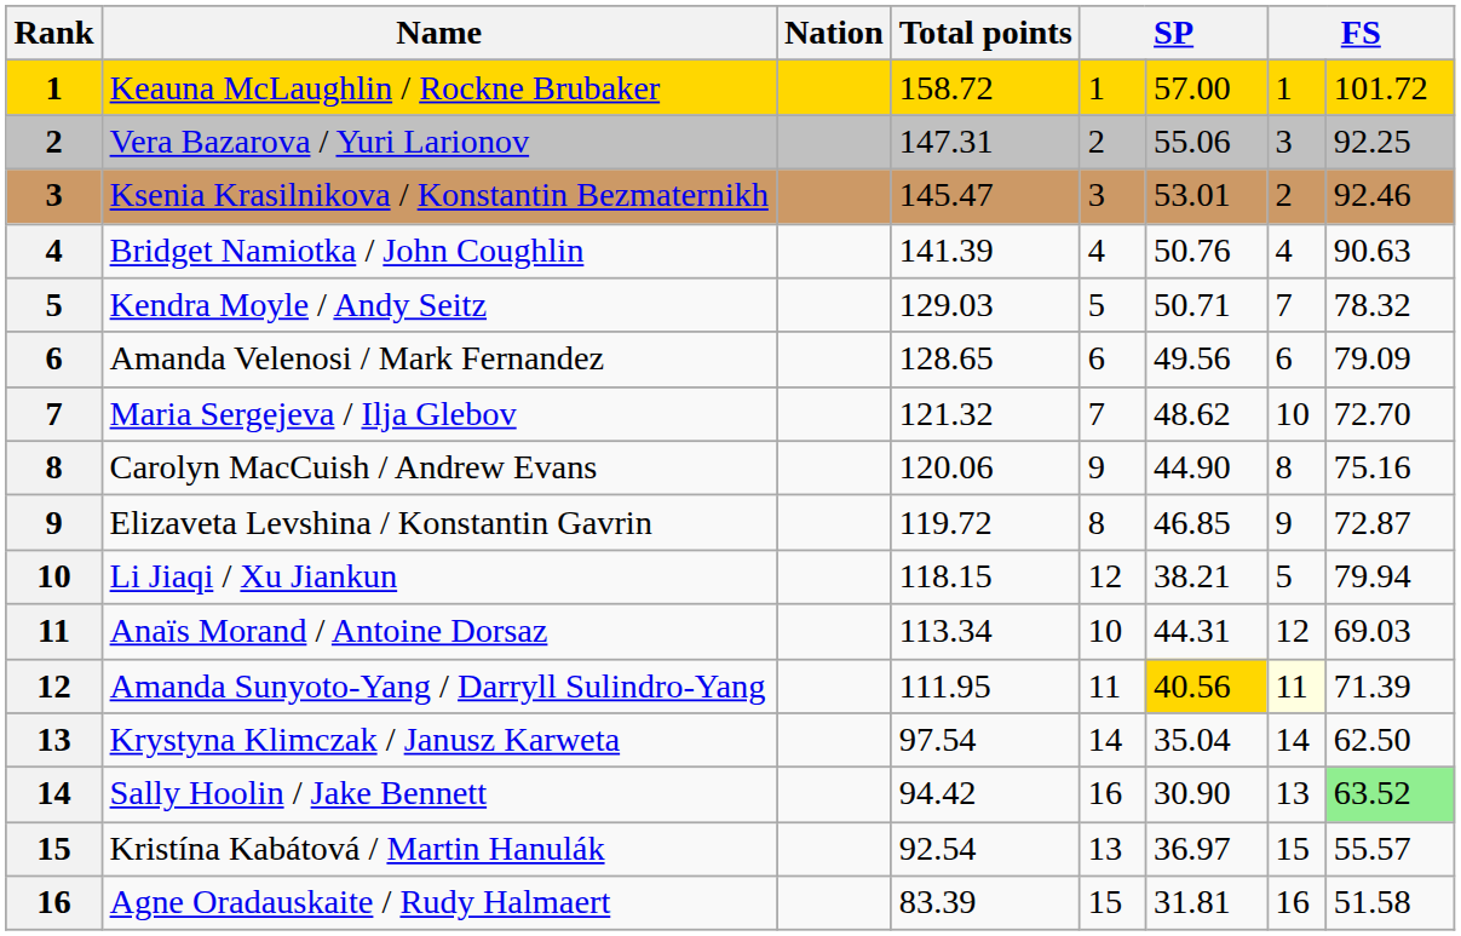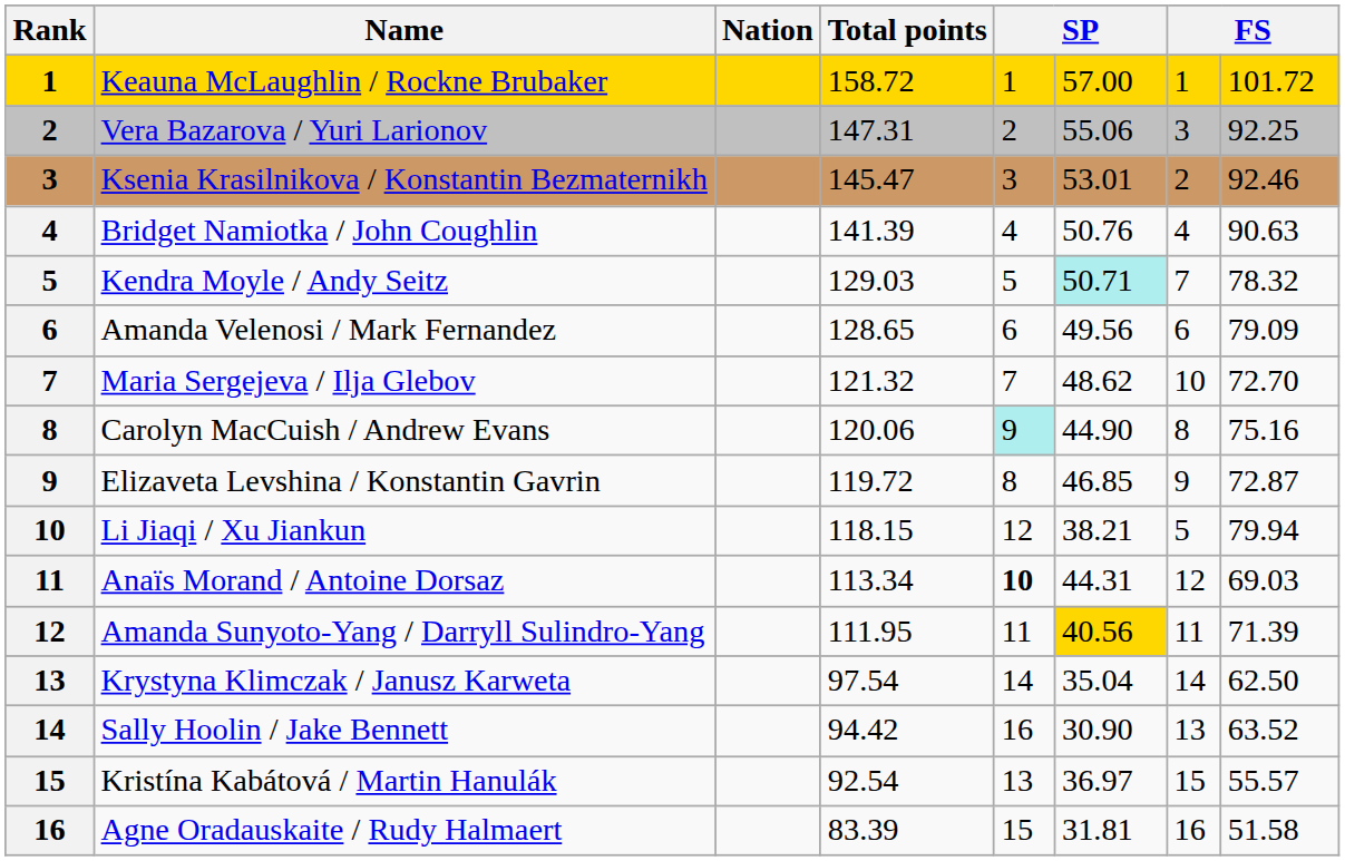 <table class="wikitable">
 <tr>
 <th>Rank</th>
 <th>Name</th>
 <th>Nation</th>
 <th>Total points</th>
 <th colspan="2" width="80px"><a href='#'>SP</a></th>
 <th colspan="2" width="80px"><a href='#'>FS</a></th>
 </tr>
 <tr bgcolor=gold>
 <td align=center><strong>1</strong></td>
 <td><a href='#'>Keauna McLaughlin</a> / <a href='#'>Rockne Brubaker</a></td>
 <td></td>
 <td>158.72</td>
 <td>1</td>
 <td>57.00</td>
 <td>1</td>
 <td>101.72</td>
 </tr>
 <tr bgcolor=silver>
 <td align=center><strong>2</strong></td>
 <td><a href='#'>Vera Bazarova</a> / <a href='#'>Yuri Larionov</a></td>
 <td></td>
 <td>147.31</td>
 <td>2</td>
 <td>55.06</td>
 <td>3</td>
 <td>92.25</td>
 </tr>
 <tr bgcolor=cc9966>
 <td align=center><strong>3</strong></td>
 <td><a href='#'>Ksenia Krasilnikova</a> / <a href='#'>Konstantin Bezmaternikh</a></td>
 <td></td>
 <td>145.47</td>
 <td>3</td>
 <td>53.01</td>
 <td>2</td>
 <td>92.46</td>
 </tr>
 <tr>
 <th>4</th>
 <td><a href='#'>Bridget Namiotka</a> / <a href='#'>John Coughlin</a></td>
 <td></td>
 <td>141.39</td>
 <td>4</td>
 <td>50.76</td>
 <td>4</td>
 <td>90.63</td>
 </tr>
 <tr>
 <th>5</th>
 <td><a href='#'>Kendra Moyle</a> / <a href='#'>Andy Seitz</a></td>
 <td></td>
 <td>129.03</td>
 <td>5</td>
-<td>50.71</td>
+<td style="background: paleturquoise;">50.71</td>
 <td>7</td>
 <td>78.32</td>
 </tr>
 <tr>
 <th>6</th>
 <td>Amanda Velenosi / Mark Fernandez</td>
 <td></td>
 <td>128.65</td>
 <td>6</td>
 <td>49.56</td>
 <td>6</td>
 <td>79.09</td>
 </tr>
 <tr>
 <th>7</th>
 <td><a href='#'>Maria Sergejeva</a> / <a href='#'>Ilja Glebov</a></td>
 <td></td>
 <td>121.32</td>
 <td>7</td>
 <td>48.62</td>
 <td>10</td>
 <td>72.70</td>
 </tr>
 <tr>
 <th>8</th>
 <td>Carolyn MacCuish / Andrew Evans</td>
 <td></td>
 <td>120.06</td>
-<td>9</td>
+<td style="background: paleturquoise;">9</td>
 <td>44.90</td>
 <td>8</td>
 <td>75.16</td>
 </tr>
 <tr>
 <th>9</th>
 <td>Elizaveta Levshina / Konstantin Gavrin</td>
 <td></td>
 <td>119.72</td>
 <td>8</td>
 <td>46.85</td>
 <td>9</td>
 <td>72.87</td>
 </tr>
 <tr>
 <th>10</th>
 <td><a href='#'>Li Jiaqi</a> / <a href='#'>Xu Jiankun</a></td>
 <td></td>
 <td>118.15</td>
 <td>12</td>
 <td>38.21</td>
 <td>5</td>
 <td>79.94</td>
 </tr>
 <tr>
 <th>11</th>
 <td><a href='#'>Anaïs Morand</a> / <a href='#'>Antoine Dorsaz</a></td>
 <td></td>
 <td>113.34</td>
-<td>10</td>
+<td><strong>10</strong></td>
 <td>44.31</td>
 <td>12</td>
 <td>69.03</td>
 </tr>
 <tr>
 <th>12</th>
 <td><a href='#'>Amanda Sunyoto-Yang</a> / <a href='#'>Darryll Sulindro-Yang</a></td>
 <td></td>
 <td>111.95</td>
 <td>11</td>
 <td style="background: gold;">40.56</td>
-<td style="background: lightyellow;">11</td>
+<td>11</td>
 <td>71.39</td>
 </tr>
 <tr>
 <th>13</th>
 <td><a href='#'>Krystyna Klimczak</a> / <a href='#'>Janusz Karweta</a></td>
 <td></td>
 <td>97.54</td>
 <td>14</td>
 <td>35.04</td>
 <td>14</td>
 <td>62.50</td>
 </tr>
 <tr>
 <th>14</th>
 <td><a href='#'>Sally Hoolin</a> / <a href='#'>Jake Bennett</a></td>
 <td></td>
 <td>94.42</td>
 <td>16</td>
 <td>30.90</td>
 <td>13</td>
-<td style="background: lightgreen;">63.52</td>
+<td>63.52</td>
 </tr>
 <tr>
 <th>15</th>
 <td>Kristína Kabátová / <a href='#'>Martin Hanulák</a></td>
 <td></td>
 <td>92.54</td>
 <td>13</td>
 <td>36.97</td>
 <td>15</td>
 <td>55.57</td>
 </tr>
 <tr>
 <th>16</th>
 <td><a href='#'>Agne Oradauskaite</a> / <a href='#'>Rudy Halmaert</a></td>
 <td></td>
 <td>83.39</td>
 <td>15</td>
 <td>31.81</td>
 <td>16</td>
 <td>51.58</td>
 </tr>
 </table>
